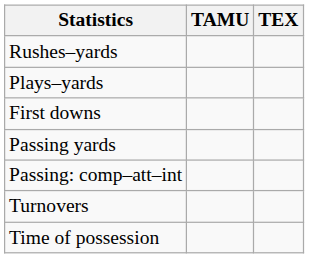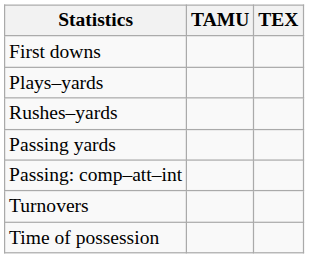 <table class="wikitable" style="float:left">
 <tr>
 <th>Statistics</th>
 <th>TAMU</th>
 <th>TEX</th>
 </tr>
 <tr>
-<td>Rushes–yards</td>
+<td>First downs</td>
 <td></td>
 <td></td>
 </tr>
 <tr>
 <td>Plays–yards</td>
 <td></td>
 <td></td>
 </tr>
 <tr>
-<td>First downs</td>
+<td>Rushes–yards</td>
 <td></td>
 <td></td>
 </tr>
 <tr>
 <td>Passing yards</td>
 <td></td>
 <td></td>
 </tr>
 <tr>
 <td>Passing: comp–att–int</td>
 <td></td>
 <td></td>
 </tr>
 <tr>
 <td>Turnovers</td>
 <td></td>
 <td></td>
 </tr>
 <tr>
 <td>Time of possession</td>
 <td></td>
 <td></td>
 </tr>
 </table>
